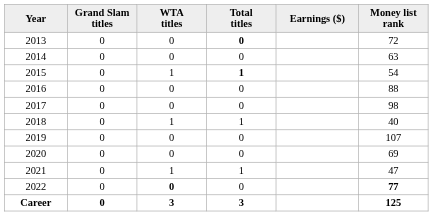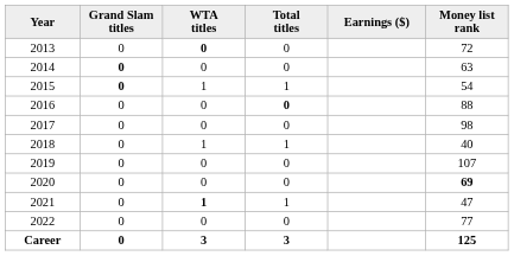 <table cellpadding=3 cellspacing=0 border=1 style=border:#aaa;solid:1px;border-collapse:collapse;text-align:center;>
 <tr style=background:#eee;font-weight:bold>
 <td width="90">Year</td>
 <td width="100">Grand Slam <br>titles</td>
 <td width="100">WTA <br>titles</td>
 <td width="100">Total <br>titles</td>
 <td width="120">Earnings ($)</td>
 <td width="100">Money list rank</td>
 </tr>
 <tr>
 <td>2013</td>
 <td>0</td>
+<td><strong>0</strong></td>
 <td>0</td>
-<td><strong>0</strong></td>
 <td align=right></td>
 <td>72</td>
 </tr>
 <tr>
 <td>2014</td>
-<td>0</td>
+<td><strong>0</strong></td>
 <td>0</td>
 <td>0</td>
 <td align=right></td>
 <td>63</td>
 </tr>
 <tr>
 <td>2015</td>
-<td>0</td>
+<td><strong>0</strong></td>
 <td>1</td>
-<td><strong>1</strong></td>
+<td>1</td>
 <td align=right></td>
 <td>54</td>
 </tr>
 <tr>
 <td>2016</td>
 <td>0</td>
 <td>0</td>
-<td>0</td>
+<td><strong>0</strong></td>
 <td align=right></td>
 <td>88</td>
 </tr>
 <tr>
 <td>2017</td>
 <td>0</td>
 <td>0</td>
 <td>0</td>
 <td align=right></td>
 <td>98</td>
 </tr>
 <tr>
 <td>2018</td>
 <td>0</td>
 <td>1</td>
 <td>1</td>
 <td align=right></td>
 <td>40</td>
 </tr>
 <tr>
 <td>2019</td>
 <td>0</td>
 <td>0</td>
 <td>0</td>
 <td align=right></td>
 <td>107</td>
 </tr>
 <tr>
 <td>2020</td>
 <td>0</td>
 <td>0</td>
 <td>0</td>
 <td align=right></td>
-<td>69</td>
+<td><strong>69</strong></td>
 </tr>
 <tr>
 <td>2021</td>
 <td>0</td>
-<td>1</td>
+<td><strong>1</strong></td>
 <td>1</td>
 <td align=right></td>
 <td>47</td>
 </tr>
 <tr>
 <td>2022</td>
 <td>0</td>
-<td><strong>0</strong></td>
+<td>0</td>
 <td>0</td>
 <td align="right"></td>
-<td><strong>77</strong></td>
+<td>77</td>
 </tr>
 <tr style=font-weight:bold>
 <td>Career</td>
 <td>0</td>
 <td>3</td>
 <td>3</td>
 <td align=right></td>
 <td>125</td>
 </tr>
 </table>
